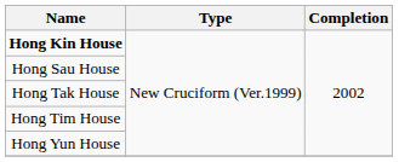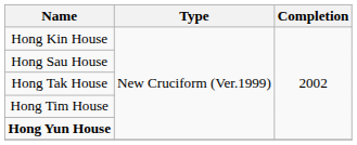 <table class="wikitable" style="text-align: center">
 <tr>
 <th>Name </th>
 <th>Type</th>
 <th>Completion</th>
 </tr>
 <tr>
-<td><strong>Hong Kin House</strong></td>
+<td>Hong Kin House</td>
 <td rowspan="5">New Cruciform (Ver.1999)</td>
 <td rowspan="5">2002</td>
 </tr>
 <tr>
 <td>Hong Sau House</td>
 </tr>
 <tr>
 <td>Hong Tak House</td>
 </tr>
 <tr>
 <td>Hong Tim House</td>
 </tr>
 <tr>
-<td>Hong Yun House</td>
+<td><strong>Hong Yun House</strong></td>
 </tr>
 <tr>
 </tr>
 </table>
